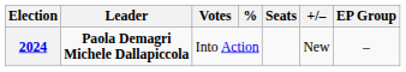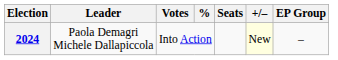 <table class="wikitable" style="text-align:center">
 <tr>
 <th>Election</th>
 <th>Leader</th>
 <th>Votes</th>
 <th>%</th>
 <th>Seats</th>
 <th>+/–</th>
 <th>EP Group</th>
 </tr>
 <tr>
 <th><a href='#'>2024</a></th>
-<td><strong>Paola Demagri<br>Michele Dallapiccola</strong></td>
+<td>Paola Demagri<br>Michele Dallapiccola</td>
 <td colspan="2">Into <a href='#'>Action</a></td>
 <td></td>
-<td>New</td>
+<td style="background: lightyellow;">New</td>
 <td>–</td>
 </tr>
 </table>
